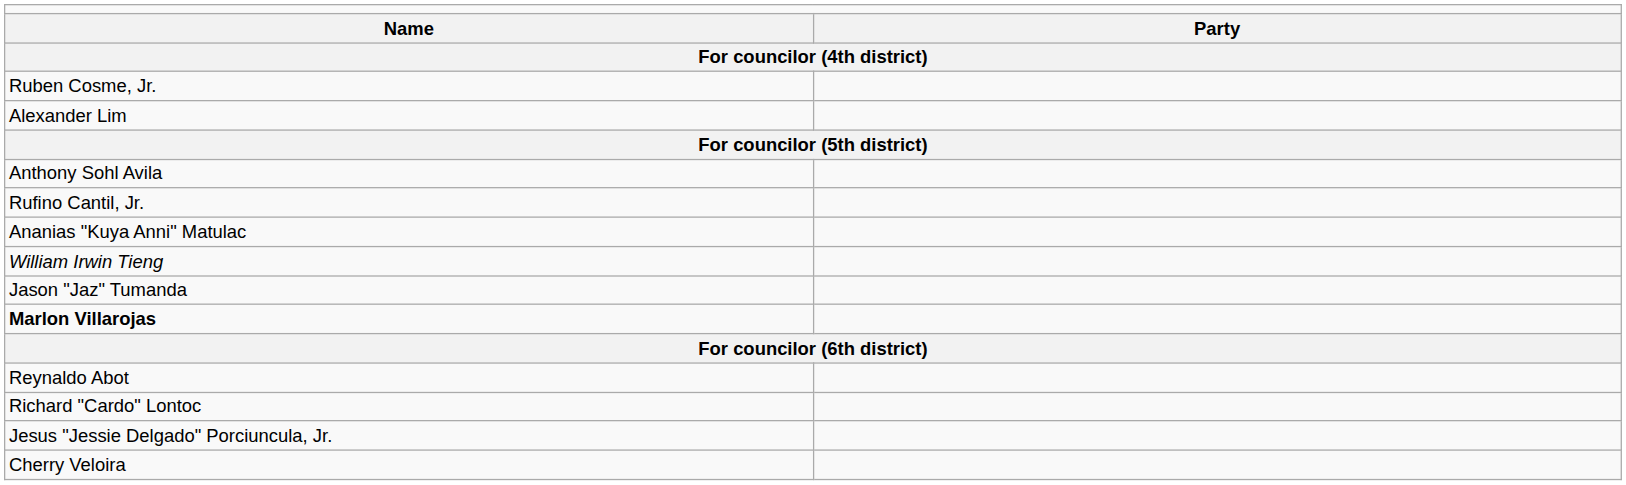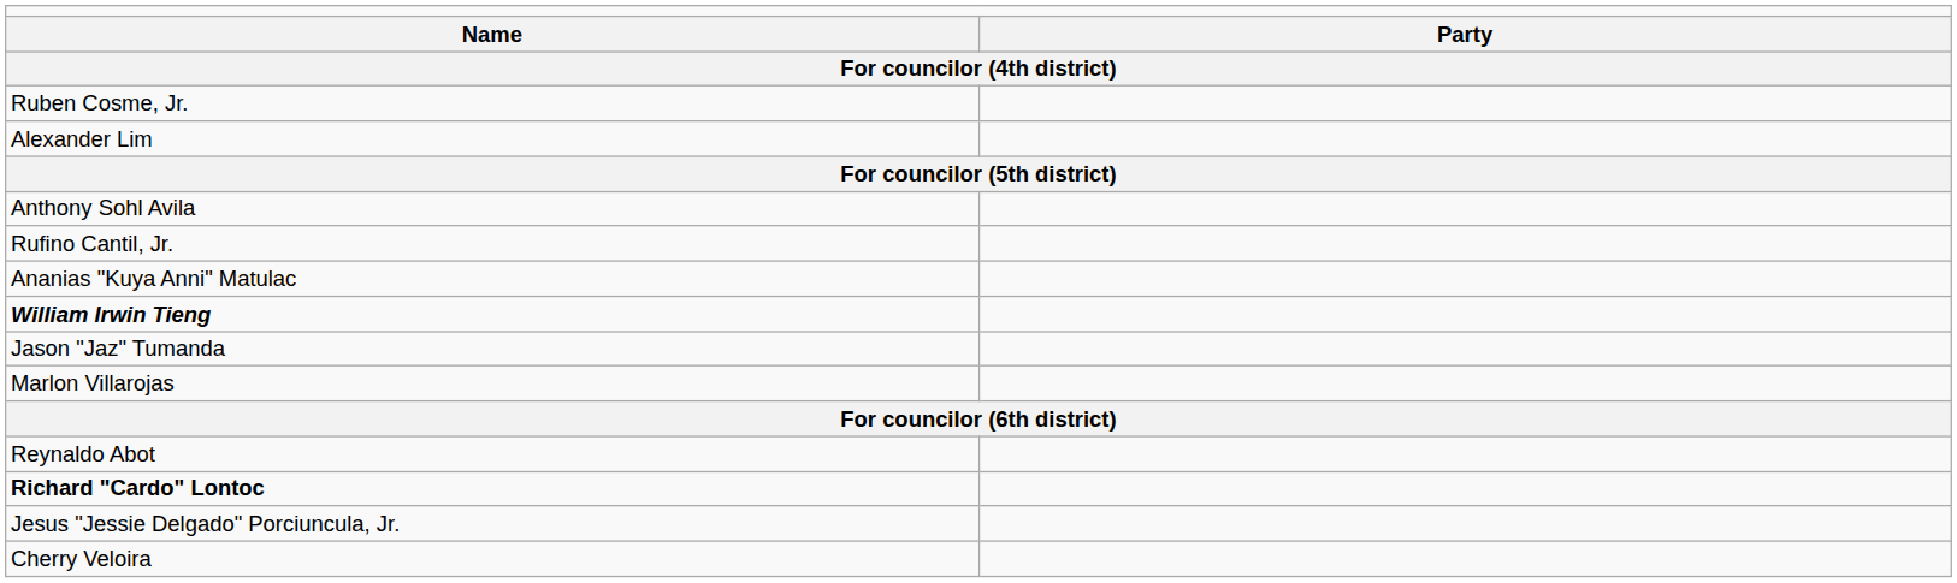 <table class=wikitable style="font-size:90%; width:100%">
 <tr>
 <td colspan=4 bgcolor=></td>
 </tr>
 <tr>
 <th width=50%>Name</th>
 <th colspan=2>Party</th>
 </tr>
 <tr>
 <th colspan=3>For councilor (4th district)</th>
 </tr>
 <tr>
 <td>Ruben Cosme, Jr.</td>
 <td></td>
 </tr>
 <tr>
 <td>Alexander Lim</td>
 <td></td>
 </tr>
 <tr>
 <th colspan=3>For councilor (5th district)</th>
 </tr>
 <tr>
 <td>Anthony Sohl Avila</td>
 <td></td>
 </tr>
 <tr>
 <td>Rufino Cantil, Jr.</td>
 <td></td>
 </tr>
 <tr>
 <td>Ananias "Kuya Anni" Matulac</td>
 <td></td>
 </tr>
 <tr>
-<td><em>William Irwin Tieng</em></td>
+<td><strong><em>William Irwin Tieng</em></strong></td>
 <td></td>
 </tr>
 <tr>
 <td>Jason "Jaz" Tumanda</td>
 <td></td>
 </tr>
 <tr>
-<td><strong>Marlon Villarojas</strong></td>
+<td>Marlon Villarojas</td>
 <td></td>
 </tr>
 <tr>
 <th colspan=3>For councilor (6th district)</th>
 </tr>
 <tr>
 <td>Reynaldo Abot</td>
 <td></td>
 </tr>
 <tr>
-<td>Richard "Cardo" Lontoc</td>
+<td><strong>Richard "Cardo" Lontoc</strong></td>
 <td></td>
 </tr>
 <tr>
 <td>Jesus "Jessie Delgado" Porciuncula, Jr.</td>
 <td></td>
 </tr>
 <tr>
 <td>Cherry Veloira</td>
 <td></td>
 </tr>
 </table>
